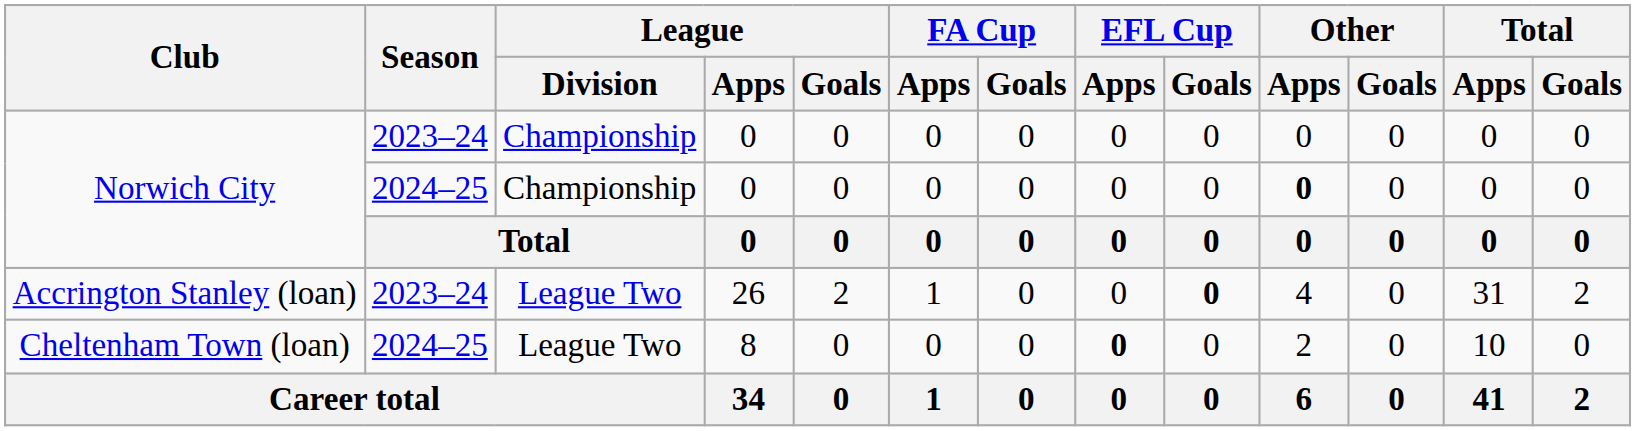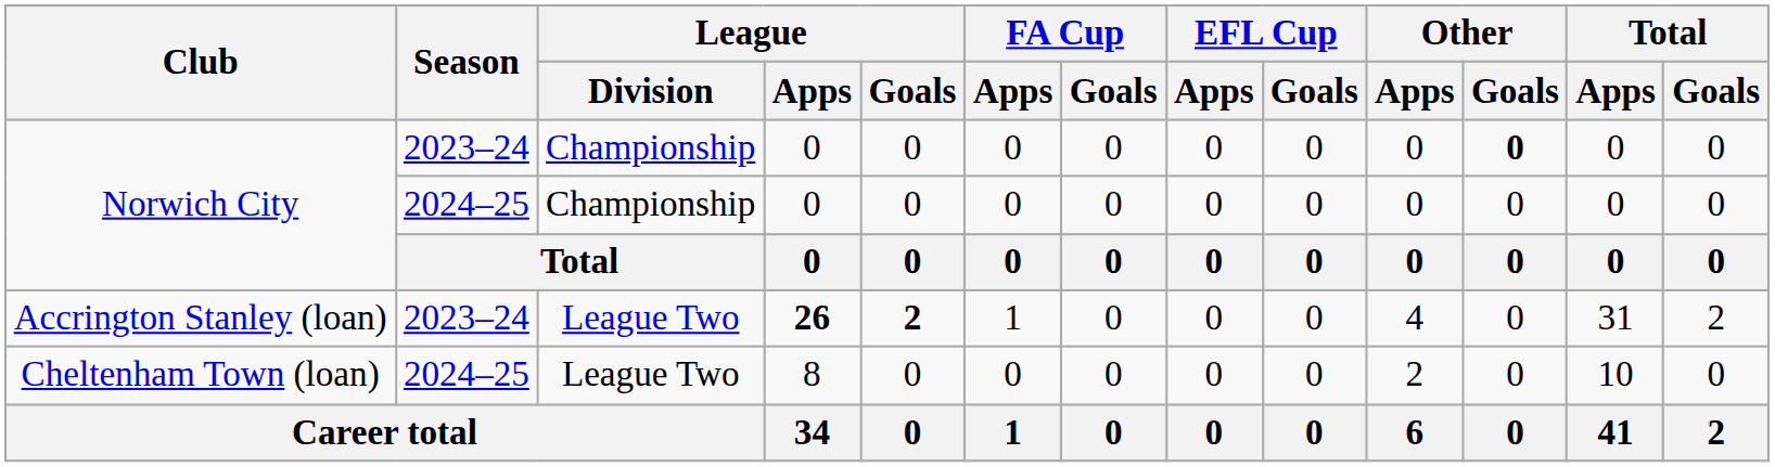 <table class=wikitable style=text-align:center>
 <tr>
 <th rowspan=2>Club</th>
 <th rowspan=2>Season</th>
 <th colspan=3>League</th>
 <th colspan=2><a href='#'>FA Cup</a></th>
 <th colspan=2><a href='#'>EFL Cup</a></th>
 <th colspan=2>Other</th>
 <th colspan=2>Total</th>
 </tr>
 <tr>
 <th>Division</th>
 <th>Apps</th>
 <th>Goals</th>
 <th>Apps</th>
 <th>Goals</th>
 <th>Apps</th>
 <th>Goals</th>
 <th>Apps</th>
 <th>Goals</th>
 <th>Apps</th>
 <th>Goals</th>
 </tr>
 <tr>
 <td rowspan=3><a href='#'>Norwich City</a></td>
 <td><a href='#'>2023–24</a></td>
 <td><a href='#'>Championship</a></td>
 <td>0</td>
 <td>0</td>
 <td>0</td>
 <td>0</td>
 <td>0</td>
 <td>0</td>
 <td>0</td>
-<td>0</td>
+<td><strong>0</strong></td>
 <td>0</td>
 <td>0</td>
 </tr>
 <tr>
 <td><a href='#'>2024–25</a></td>
 <td>Championship</td>
 <td>0</td>
 <td>0</td>
 <td>0</td>
 <td>0</td>
 <td>0</td>
 <td>0</td>
-<td><strong>0</strong></td>
+<td>0</td>
 <td>0</td>
 <td>0</td>
 <td>0</td>
 </tr>
 <tr>
 <th colspan="2">Total</th>
 <th>0</th>
 <th>0</th>
 <th>0</th>
 <th>0</th>
 <th>0</th>
 <th>0</th>
 <th>0</th>
 <th>0</th>
 <th>0</th>
 <th>0</th>
 </tr>
 <tr>
 <td><a href='#'>Accrington Stanley</a>  (loan)</td>
 <td><a href='#'>2023–24</a></td>
 <td><a href='#'>League Two</a></td>
-<td>26</td>
-<td>2</td>
+<td><strong>26</strong></td>
+<td><strong>2</strong></td>
 <td>1</td>
 <td>0</td>
 <td>0</td>
-<td><strong>0</strong></td>
+<td>0</td>
 <td>4</td>
 <td>0</td>
 <td>31</td>
 <td>2</td>
 </tr>
 <tr>
 <td><a href='#'>Cheltenham Town</a>  (loan)</td>
 <td><a href='#'>2024–25</a></td>
 <td>League Two</td>
 <td>8</td>
 <td>0</td>
 <td>0</td>
 <td>0</td>
-<td><strong>0</strong></td>
+<td>0</td>
 <td>0</td>
 <td>2</td>
 <td>0</td>
 <td>10</td>
 <td>0</td>
 </tr>
 <tr>
 <th colspan="3">Career total</th>
 <th>34</th>
 <th>0</th>
 <th>1</th>
 <th>0</th>
 <th>0</th>
 <th>0</th>
 <th>6</th>
 <th>0</th>
 <th>41</th>
 <th>2</th>
 </tr>
 </table>
